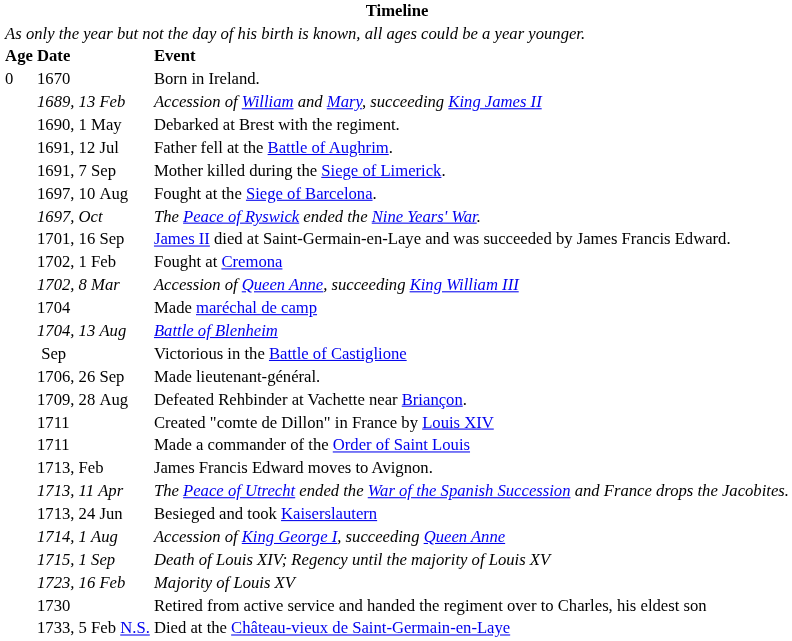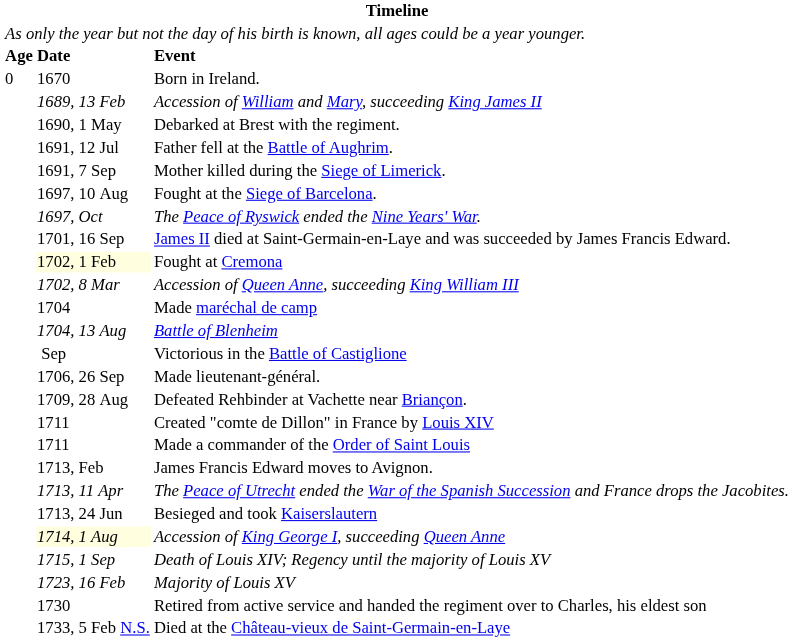 <table>
 <tr>
 <th colspan=3>Timeline</th>
 </tr>
 <tr>
 <td colspan=3><em>As only the year but not the day of his birth is known, all ages could be a year younger.</em></td>
 </tr>
 <tr>
 <th align="left">Age</th>
 <th align="left">Date</th>
 <th align="left">Event</th>
 </tr>
 <tr>
 <td>0</td>
 <td>1670</td>
 <td>Born in Ireland.</td>
 </tr>
 <tr>
 <td></td>
 <td><em>1689, 13 Feb</em></td>
 <td><em>Accession of <a href='#'>William</a> and <a href='#'>Mary</a>, succeeding <a href='#'>King James II</a></em></td>
 </tr>
 <tr>
 <td></td>
 <td>1690, 1 May</td>
 <td>Debarked at Brest with the regiment.</td>
 </tr>
 <tr>
 <td></td>
 <td>1691, 12 Jul</td>
 <td>Father fell at the <a href='#'>Battle of Aughrim</a>.</td>
 </tr>
 <tr>
 <td></td>
 <td>1691, 7 Sep</td>
 <td>Mother killed during the <a href='#'>Siege of Limerick</a>.</td>
 </tr>
 <tr>
 <td></td>
 <td>1697, 10 Aug</td>
 <td>Fought at the <a href='#'>Siege of Barcelona</a>.</td>
 </tr>
 <tr>
 <td></td>
 <td><em>1697, Oct</em></td>
 <td><em>The <a href='#'>Peace of Ryswick</a> ended the <a href='#'>Nine Years' War</a>.</em></td>
 </tr>
 <tr>
 <td></td>
 <td>1701, 16 Sep</td>
 <td><a href='#'>James II</a> died at Saint-Germain-en-Laye and was succeeded by James Francis Edward.</td>
 </tr>
 <tr>
 <td></td>
-<td>1702, 1 Feb</td>
+<td style="background: lightyellow;">1702, 1 Feb</td>
 <td>Fought at <a href='#'>Cremona</a></td>
 </tr>
 <tr>
 <td></td>
 <td><em>1702, 8 Mar</em></td>
 <td><em>Accession of <a href='#'>Queen Anne</a>, succeeding <a href='#'>King William III</a></em></td>
 </tr>
 <tr>
 <td></td>
 <td>1704</td>
 <td>Made <a href='#'>maréchal de camp</a></td>
 </tr>
 <tr>
 <td></td>
 <td><em>1704, 13 Aug</em></td>
 <td><em><a href='#'>Battle of Blenheim</a></em></td>
 </tr>
 <tr>
 <td></td>
 <td 1706, 8> Sep</td>
 <td>Victorious in the <a href='#'>Battle of Castiglione</a></td>
 </tr>
 <tr>
 <td></td>
 <td>1706, 26 Sep</td>
 <td>Made lieutenant-général.</td>
 </tr>
 <tr>
 <td></td>
 <td>1709, 28 Aug</td>
 <td>Defeated Rehbinder at Vachette near <a href='#'>Briançon</a>.</td>
 </tr>
 <tr>
 <td></td>
 <td>1711</td>
 <td>Created "comte de Dillon" in France by <a href='#'>Louis XIV</a></td>
 </tr>
 <tr>
 <td></td>
 <td>1711</td>
 <td>Made a commander of the <a href='#'>Order of Saint Louis</a></td>
 </tr>
 <tr>
 <td></td>
 <td>1713, Feb</td>
 <td>James Francis Edward moves to Avignon.</td>
 </tr>
 <tr>
 <td></td>
 <td><em>1713, 11 Apr</em></td>
 <td><em>The <a href='#'>Peace of Utrecht</a> ended the <a href='#'>War of the Spanish Succession</a> and France drops the Jacobites.</em></td>
 </tr>
 <tr>
 <td></td>
 <td>1713, 24 Jun</td>
 <td>Besieged and took <a href='#'>Kaiserslautern</a></td>
 </tr>
 <tr>
 <td></td>
-<td><em>1714, 1 Aug</em></td>
+<td style="background: lightyellow;"><em>1714, 1 Aug</em></td>
 <td><em>Accession of <a href='#'>King George I</a>, succeeding <a href='#'>Queen Anne</a></em></td>
 </tr>
 <tr>
 <td></td>
 <td><em>1715, 1 Sep</em></td>
 <td><em>Death of Louis XIV; Regency until the majority of Louis XV</em></td>
 </tr>
 <tr>
 <td></td>
 <td><em>1723, 16 Feb</em></td>
 <td><em>Majority of Louis XV</em></td>
 </tr>
 <tr>
 <td></td>
 <td>1730</td>
 <td>Retired from active service and handed the regiment over to Charles, his eldest son</td>
 </tr>
 <tr>
 <td></td>
 <td>1733, 5 Feb <a href='#'>N.S.</a></td>
 <td>Died at the <a href='#'>Château-vieux de Saint-Germain-en-Laye</a></td>
 </tr>
 </table>
